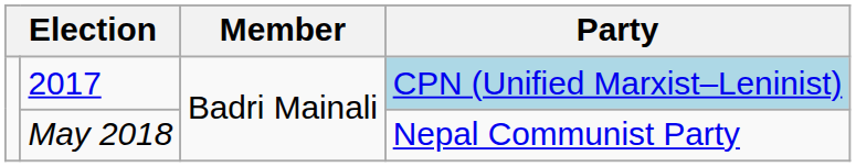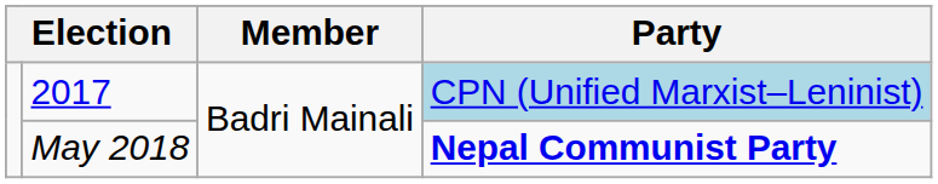 <table class="wikitable">
 <tr>
 <th colspan="2">Election</th>
 <th>Member</th>
 <th>Party</th>
 </tr>
 <tr>
 <td rowspan="2" style="background-color:"></td>
 <td><a href='#'>2017</a></td>
 <td rowspan="2">Badri Mainali</td>
 <td style="background: lightblue;"><a href='#'>CPN (Unified Marxist–Leninist)</a></td>
 </tr>
 <tr>
 <td><em>May 2018</em></td>
-<td><a href='#'>Nepal Communist Party</a></td>
+<td><strong><a href='#'>Nepal Communist Party</a></strong></td>
 </tr>
 </table>
